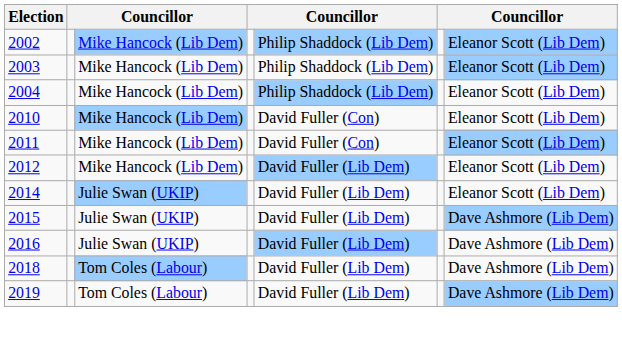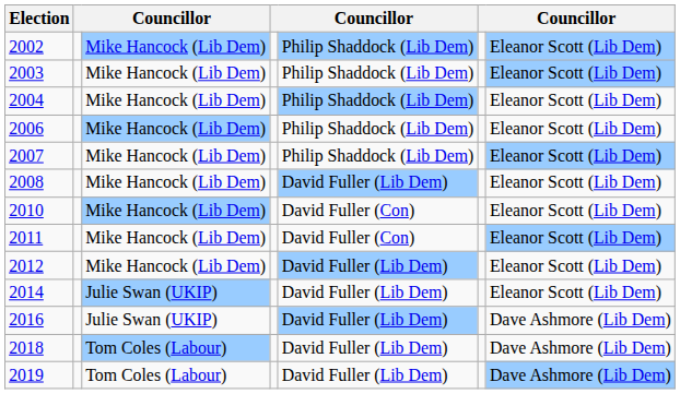 <table class="wikitable">
 <tr>
 <th>Election</th>
 <th colspan="2">Councillor</th>
 <th colspan="2">Councillor</th>
 <th colspan="2">Councillor</th>
 </tr>
 <tr>
 <td><a href='#'>2002</a></td>
 <td style="background-color: "></td>
 <td bgcolor="#99CCFF"><a href='#'>Mike Hancock</a> (<a href='#'>Lib Dem</a>)</td>
 <td style="background-color: "></td>
 <td bgcolor="#99CCFF">Philip Shaddock (<a href='#'>Lib Dem</a>)</td>
 <td style="background-color: "></td>
 <td bgcolor="#99CCFF">Eleanor Scott (<a href='#'>Lib Dem</a>)</td>
 </tr>
 <tr>
 <td><a href='#'>2003</a></td>
 <td style="background-color: "></td>
 <td>Mike Hancock (<a href='#'>Lib Dem</a>)</td>
 <td style="background-color: "></td>
 <td>Philip Shaddock (<a href='#'>Lib Dem</a>)</td>
 <td style="background-color: "></td>
 <td bgcolor="#99CCFF">Eleanor Scott (<a href='#'>Lib Dem</a>)</td>
 </tr>
 <tr>
 <td><a href='#'>2004</a></td>
 <td style="background-color: "></td>
 <td>Mike Hancock (<a href='#'>Lib Dem</a>)</td>
 <td style="background-color: "></td>
 <td bgcolor="#99CCFF">Philip Shaddock (<a href='#'>Lib Dem</a>)</td>
+<td style="background-color: "></td>
+<td>Eleanor Scott (<a href='#'>Lib Dem</a>)</td>
+</tr>
+<tr>
+<td><a href='#'>2006</a></td>
+<td style="background-color: "></td>
+<td bgcolor="#99CCFF">Mike Hancock (<a href='#'>Lib Dem</a>)</td>
+<td style="background-color: "></td>
+<td>Philip Shaddock (<a href='#'>Lib Dem</a>)</td>
+<td style="background-color: "></td>
+<td>Eleanor Scott (<a href='#'>Lib Dem</a>)</td>
+</tr>
+<tr>
+<td><a href='#'>2007</a></td>
+<td style="background-color: "></td>
+<td>Mike Hancock (<a href='#'>Lib Dem</a>)</td>
+<td style="background-color: "></td>
+<td>Philip Shaddock (<a href='#'>Lib Dem</a>)</td>
+<td style="background-color: "></td>
+<td bgcolor="#99CCFF">Eleanor Scott (<a href='#'>Lib Dem</a>)</td>
+</tr>
+<tr>
+<td><a href='#'>2008</a></td>
+<td style="background-color: "></td>
+<td>Mike Hancock (<a href='#'>Lib Dem</a>)</td>
+<td style="background-color: "></td>
+<td bgcolor="#99CCFF">David Fuller (<a href='#'>Lib Dem</a>)</td>
 <td style="background-color: "></td>
 <td>Eleanor Scott (<a href='#'>Lib Dem</a>)</td>
 </tr>
 <tr>
 <td><a href='#'>2010</a></td>
 <td style="background-color: "></td>
 <td bgcolor="#99CCFF">Mike Hancock (<a href='#'>Lib Dem</a>)</td>
 <td style="background-color: "></td>
 <td>David Fuller (<a href='#'>Con</a>)</td>
 <td style="background-color: "></td>
 <td>Eleanor Scott (<a href='#'>Lib Dem</a>)</td>
 </tr>
 <tr>
 <td><a href='#'>2011</a></td>
 <td style="background-color: "></td>
 <td>Mike Hancock (<a href='#'>Lib Dem</a>)</td>
 <td style="background-color: "></td>
 <td>David Fuller (<a href='#'>Con</a>)</td>
 <td style="background-color: "></td>
 <td bgcolor="#99CCFF">Eleanor Scott (<a href='#'>Lib Dem</a>)</td>
 </tr>
 <tr>
 <td><a href='#'>2012</a></td>
 <td style="background-color: "></td>
 <td>Mike Hancock (<a href='#'>Lib Dem</a>)</td>
 <td style="background-color: "></td>
 <td bgcolor="#99CCFF">David Fuller (<a href='#'>Lib Dem</a>)</td>
 <td style="background-color: "></td>
 <td>Eleanor Scott (<a href='#'>Lib Dem</a>)</td>
 </tr>
 <tr>
 <td><a href='#'>2014</a></td>
 <td style="background-color: "></td>
 <td bgcolor="#99CCFF">Julie Swan (<a href='#'>UKIP</a>)</td>
 <td style="background-color: "></td>
 <td>David Fuller (<a href='#'>Lib Dem</a>)</td>
 <td style="background-color: "></td>
 <td>Eleanor Scott (<a href='#'>Lib Dem</a>)</td>
 </tr>
 <tr>
-<td><a href='#'>2015</a></td>
-<td style="background-color: "></td>
-<td>Julie Swan (<a href='#'>UKIP</a>)</td>
-<td style="background-color: "></td>
-<td>David Fuller (<a href='#'>Lib Dem</a>)</td>
-<td style="background-color: "></td>
-<td bgcolor="#99CCFF">Dave Ashmore (<a href='#'>Lib Dem</a>)</td>
-</tr>
-<tr>
 <td><a href='#'>2016</a></td>
 <td style="background-color: "></td>
 <td>Julie Swan (<a href='#'>UKIP</a>)</td>
 <td style="background-color: "></td>
 <td bgcolor="#99CCFF">David Fuller (<a href='#'>Lib Dem</a>)</td>
 <td style="background-color: "></td>
 <td>Dave Ashmore (<a href='#'>Lib Dem</a>)</td>
 </tr>
 <tr>
 <td><a href='#'>2018</a></td>
 <td style="background-color: "></td>
 <td bgcolor="#99CCFF">Tom Coles (<a href='#'>Labour</a>)</td>
 <td style="background-color: "></td>
 <td>David Fuller (<a href='#'>Lib Dem</a>)</td>
 <td style="background-color: "></td>
 <td>Dave Ashmore (<a href='#'>Lib Dem</a>)</td>
 </tr>
 <tr>
 <td><a href='#'>2019</a></td>
 <td style="background-color: "></td>
 <td>Tom Coles (<a href='#'>Labour</a>)</td>
 <td style="background-color: "></td>
 <td>David Fuller (<a href='#'>Lib Dem</a>)</td>
 <td style="background-color: "></td>
 <td bgcolor="#99CCFF">Dave Ashmore (<a href='#'>Lib Dem</a>)</td>
 </tr>
 </table>
